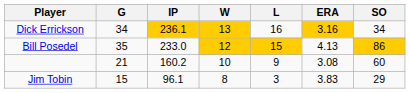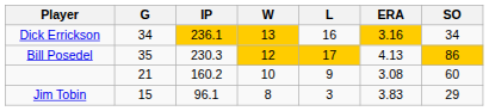 <table class="wikitable sortable">
 <tr>
 <th bgcolor="#DDDDFF" width="16%">Player</th>
 <th bgcolor="#DDDDFF" width="9%">G</th>
 <th bgcolor="#DDDDFF" width="9%">IP</th>
 <th bgcolor="#DDDDFF" width="9%">W</th>
 <th bgcolor="#DDDDFF" width="9%">L</th>
 <th bgcolor="#DDDDFF" width="9%">ERA</th>
 <th bgcolor="#DDDDFF" width="9%">SO</th>
 </tr>
 <tr align="center">
 <td><a href='#'>Dick Errickson</a></td>
 <td>34</td>
 <td style="background:#fc0;">236.1</td>
 <td style="background:#fc0;">13</td>
 <td>16</td>
 <td style="background:#fc0;">3.16</td>
 <td>34</td>
 </tr>
 <tr align=center>
 <td><a href='#'>Bill Posedel</a></td>
 <td>35</td>
-<td>233.0</td>
+<td>230.3</td>
 <td style="background:#fc0;">12</td>
-<td style="background:#fc0;">15</td>
+<td style="background:#fc0;">17</td>
 <td>4.13</td>
 <td style="background:#fc0;">86</td>
 </tr>
 <tr align=center>
 <td></td>
 <td>21</td>
 <td>160.2</td>
 <td>10</td>
 <td>9</td>
 <td>3.08</td>
 <td>60</td>
 </tr>
 <tr align="center">
 <td><a href='#'>Jim Tobin</a></td>
 <td>15</td>
 <td>96.1</td>
 <td>8</td>
 <td>3</td>
 <td>3.83</td>
 <td>29</td>
 </tr>
 </table>
